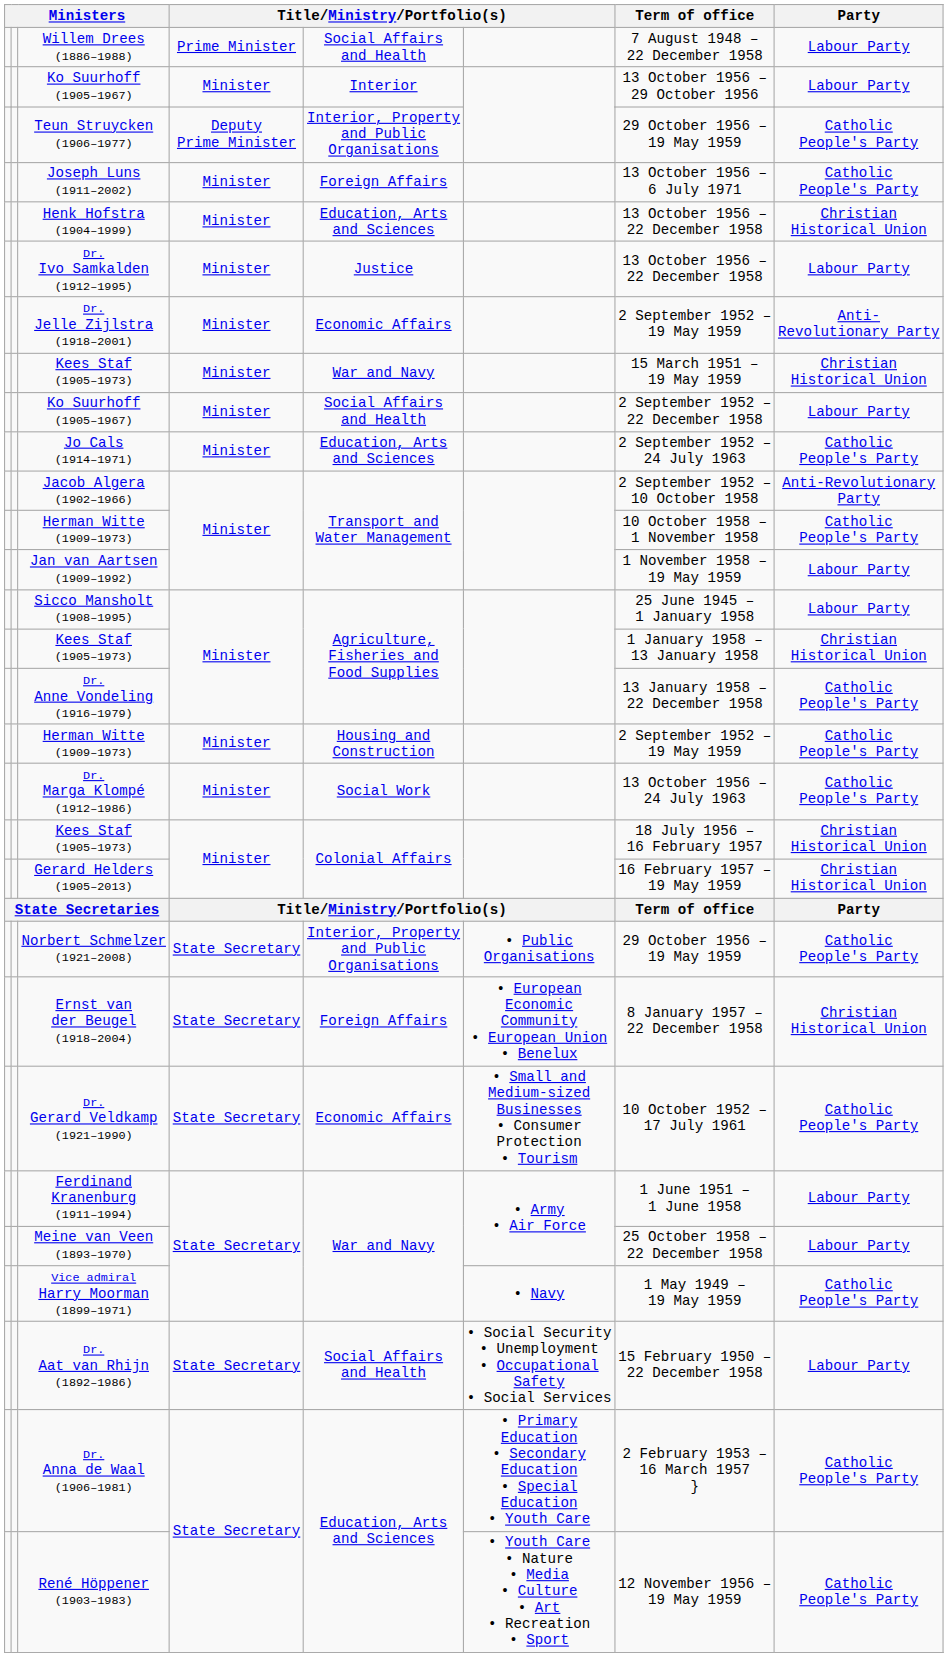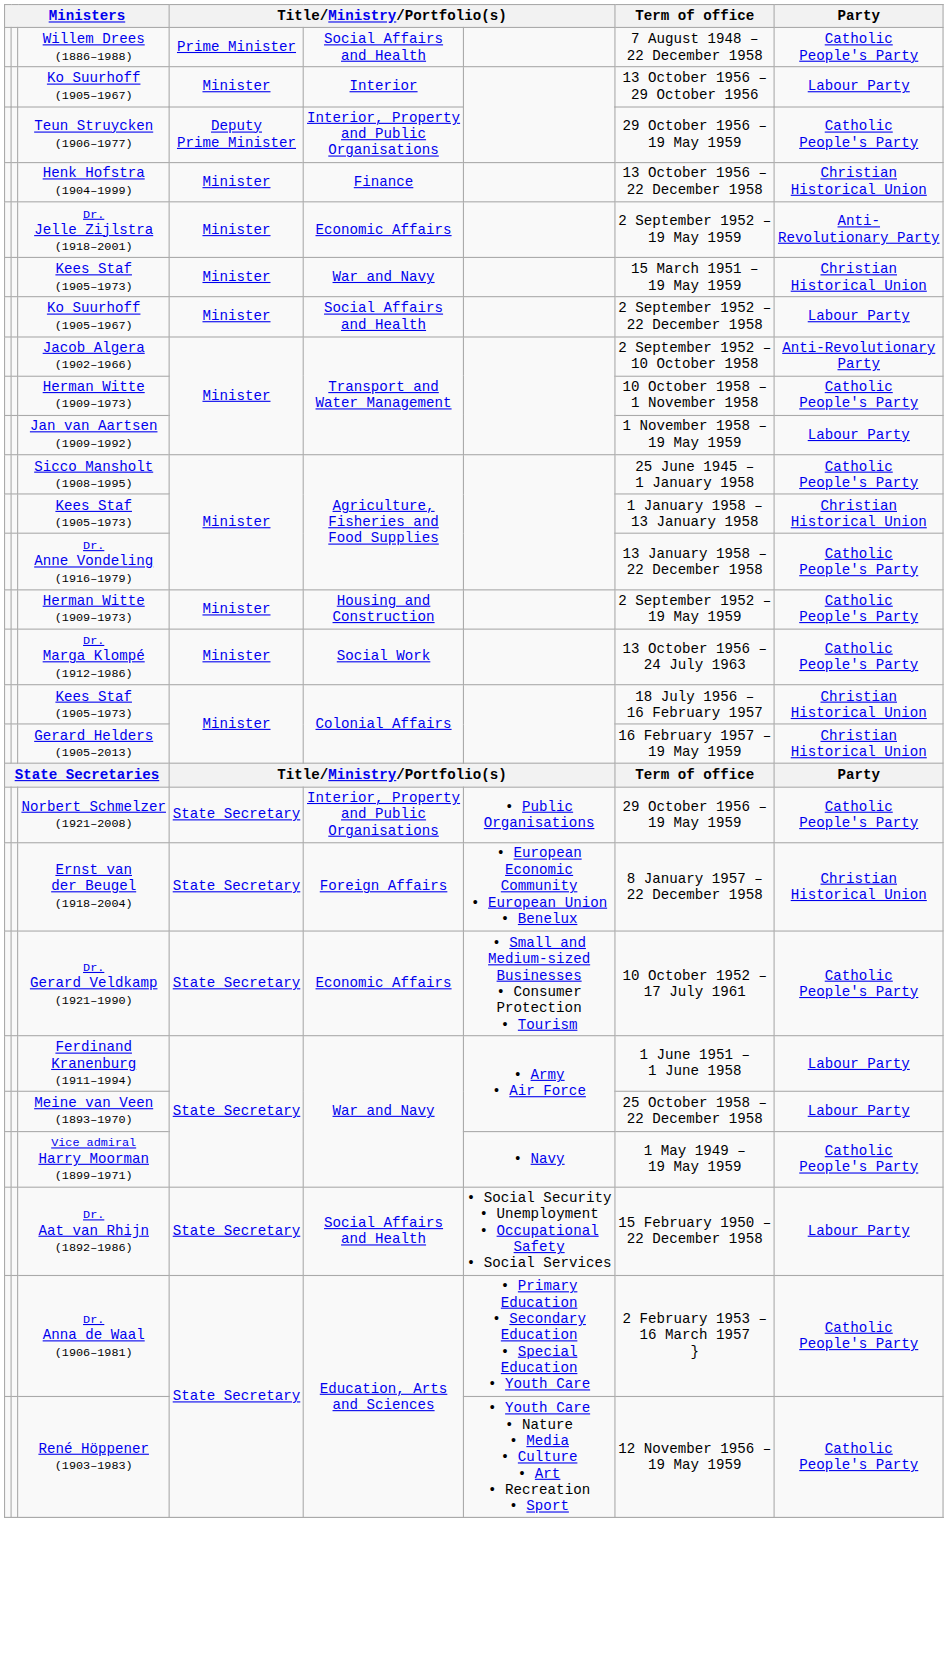 <table class="wikitable" style="text-align:center">
 <tr>
 <th colspan=3><a href='#'>Ministers</a></th>
 <th colspan=3>Title/<a href='#'>Ministry</a>/Portfolio(s)</th>
 <th>Term of office</th>
 <th>Party</th>
 </tr>
 <tr>
 <td style="background:"></td>
 <td></td>
 <td><a href='#'>Willem Drees</a> <br> <small>(1886–1988)</small></td>
 <td><a href='#'>Prime Minister</a></td>
 <td><a href='#'>Social Affairs</a> <br> <a href='#'>and Health</a></td>
 <td></td>
 <td>7 August 1948 – <br> 22 December 1958 <br> </td>
-<td><a href='#'>Labour Party</a></td>
+<td><a href='#'>Catholic <br> People's Party</a></td>
 </tr>
 <tr>
 <td style="background:"></td>
 <td></td>
 <td><a href='#'>Ko Suurhoff</a> <br> <small>(1905–1967)</small></td>
 <td rowspan=2><a href='#'>Minister</a></td>
 <td><a href='#'>Interior</a></td>
 <td rowspan=3></td>
 <td>13 October 1956 – <br> 29 October 1956 <br> </td>
 <td><a href='#'>Labour Party</a></td>
 </tr>
 <tr>
 <td rowspan=2 style="background:"></td>
 <td rowspan=2></td>
 <td rowspan=2><a href='#'>Teun Struycken</a> <br> <small>(1906–1977)</small></td>
 <td rowspan=2><a href='#'>Interior, Property <br> and Public <br> Organisations</a></td>
 <td rowspan=2>29 October 1956 – <br> 19 May 1959 <br> </td>
 <td rowspan=2><a href='#'>Catholic <br> People's Party</a></td>
 </tr>
 <tr>
 <td><a href='#'>Deputy <br> Prime Minister</a></td>
 </tr>
 <tr>
 <td style="background:"></td>
 <td></td>
-<td><a href='#'>Joseph Luns</a> <br> <small>(1911–2002)</small></td>
-<td><a href='#'>Minister</a></td>
-<td><a href='#'>Foreign Affairs</a></td>
-<td></td>
-<td>13 October 1956 – <br> 6 July 1971 <br> </td>
-<td><a href='#'>Catholic <br> People's Party</a></td>
-</tr>
-<tr>
-<td style="background:"></td>
-<td></td>
 <td><a href='#'>Henk Hofstra</a> <br> <small>(1904–1999)</small></td>
 <td><a href='#'>Minister</a></td>
-<td><a href='#'>Education, Arts <br> and Sciences</a></td>
+<td><a href='#'>Finance</a></td>
 <td></td>
 <td>13 October 1956 – <br> 22 December 1958</td>
 <td><a href='#'>Christian <br> Historical Union</a></td>
-</tr>
-<tr>
-<td style="background:"></td>
-<td></td>
-<td><small><a href='#'>Dr.</a></small> <br> <a href='#'>Ivo Samkalden</a> <br> <small>(1912–1995)</small></td>
-<td><a href='#'>Minister</a></td>
-<td><a href='#'>Justice</a></td>
-<td></td>
-<td>13 October 1956 – <br> 22 December 1958</td>
-<td><a href='#'>Labour Party</a></td>
 </tr>
 <tr>
 <td style="background:"></td>
 <td></td>
 <td><small><a href='#'>Dr.</a></small> <br> <a href='#'>Jelle Zijlstra</a> <br> <small>(1918–2001)</small></td>
 <td><a href='#'>Minister</a></td>
 <td><a href='#'>Economic Affairs</a></td>
 <td></td>
 <td>2 September 1952 – <br> 19 May 1959 <br>  </td>
 <td><a href='#'>Anti-<br>Revolutionary Party</a></td>
 </tr>
 <tr>
 <td style="background:"></td>
 <td></td>
 <td><a href='#'>Kees Staf</a> <br> <small>(1905–1973)</small></td>
 <td><a href='#'>Minister</a></td>
 <td><a href='#'>War and Navy</a></td>
 <td></td>
 <td>15 March 1951 – <br> 19 May 1959 <br>  </td>
 <td><a href='#'>Christian <br> Historical Union</a></td>
 </tr>
 <tr>
 <td style="background:"></td>
 <td></td>
 <td><a href='#'>Ko Suurhoff</a> <br> <small>(1905–1967)</small></td>
 <td><a href='#'>Minister</a></td>
 <td><a href='#'>Social Affairs</a> <br> <a href='#'>and Health</a></td>
 <td></td>
 <td>2 September 1952 – <br> 22 December 1958 <br> </td>
 <td><a href='#'>Labour Party</a></td>
 </tr>
 <tr>
 <td style="background:"></td>
 <td></td>
-<td><a href='#'>Jo Cals</a> <br> <small>(1914–1971)</small></td>
-<td><a href='#'>Minister</a></td>
-<td><a href='#'>Education, Arts <br> and Sciences</a></td>
-<td></td>
-<td>2 September 1952 – <br> 24 July 1963 <br>  </td>
-<td><a href='#'>Catholic <br> People's Party</a></td>
-</tr>
-<tr>
-<td style="background:"></td>
-<td></td>
 <td><a href='#'>Jacob Algera</a> <br> <small>(1902–1966)</small></td>
 <td rowspan=3><a href='#'>Minister</a></td>
 <td rowspan=3><a href='#'>Transport and <br> Water Management</a></td>
 <td rowspan=3></td>
 <td>2 September 1952 – <br> 10 October 1958 <br>  </td>
 <td><a href='#'>Anti-Revolutionary <br> Party</a></td>
 </tr>
 <tr>
 <td style="background:"></td>
 <td></td>
 <td><a href='#'>Herman Witte</a> <br> <small>(1909–1973)</small></td>
 <td>10 October 1958 – <br> 1 November 1958 <br> </td>
 <td><a href='#'>Catholic <br> People's Party</a></td>
 </tr>
 <tr>
 <td style="background:"></td>
 <td></td>
 <td><a href='#'>Jan van Aartsen</a> <br> <small>(1909–1992)</small></td>
 <td>1 November 1958 – <br> 19 May 1959 <br> </td>
 <td><a href='#'>Labour Party</a></td>
 </tr>
 <tr>
 <td style="background:"></td>
 <td></td>
 <td><a href='#'>Sicco Mansholt</a> <br> <small>(1908–1995)</small></td>
 <td rowspan=3><a href='#'>Minister</a></td>
 <td rowspan=3><a href='#'>Agriculture, <br> Fisheries and <br> Food Supplies</a></td>
 <td rowspan=3></td>
 <td>25 June 1945 – <br> 1 January 1958 <br>  </td>
-<td><a href='#'>Labour Party</a></td>
+<td><a href='#'>Catholic <br> People's Party</a></td>
 </tr>
 <tr>
 <td style="background:"></td>
 <td></td>
 <td><a href='#'>Kees Staf</a> <br> <small>(1905–1973)</small></td>
 <td>1 January 1958 – <br> 13 January 1958 <br> </td>
 <td><a href='#'>Christian <br> Historical Union</a></td>
 </tr>
 <tr>
 <td style="background:"></td>
 <td></td>
 <td><small><a href='#'>Dr.</a></small> <br> <a href='#'>Anne Vondeling</a> <br> <small>(1916–1979)</small></td>
 <td>13 January 1958 – <br> 22 December 1958</td>
 <td><a href='#'>Catholic <br> People's Party</a></td>
 </tr>
 <tr>
 <td style="background:"></td>
 <td></td>
 <td><a href='#'>Herman Witte</a> <br> <small>(1909–1973)</small></td>
 <td><a href='#'>Minister</a></td>
 <td><a href='#'>Housing and <br> Construction</a></td>
 <td></td>
 <td>2 September 1952 – <br> 19 May 1959 <br>  </td>
 <td><a href='#'>Catholic <br> People's Party</a></td>
 </tr>
 <tr>
 <td style="background:"></td>
 <td></td>
 <td><small><a href='#'>Dr.</a></small> <br> <a href='#'>Marga Klompé</a> <br> <small>(1912–1986)</small></td>
 <td><a href='#'>Minister</a></td>
 <td><a href='#'>Social Work</a></td>
 <td></td>
 <td>13 October 1956 – <br> 24 July 1963 <br> </td>
 <td><a href='#'>Catholic <br> People's Party</a></td>
 </tr>
 <tr>
 <td style="background:"></td>
 <td></td>
 <td><a href='#'>Kees Staf</a> <br> <small>(1905–1973)</small></td>
 <td rowspan=2><a href='#'>Minister</a></td>
 <td rowspan=2><a href='#'>Colonial Affairs</a></td>
 <td rowspan=2></td>
 <td>18 July 1956 – <br> 16 February 1957 <br>  </td>
 <td><a href='#'>Christian <br> Historical Union</a></td>
 </tr>
 <tr>
 <td style="background:"></td>
 <td></td>
 <td><a href='#'>Gerard Helders</a> <br> <small>(1905–2013)</small></td>
 <td>16 February 1957 – <br> 19 May 1959 <br> </td>
 <td><a href='#'>Christian <br> Historical Union</a></td>
 </tr>
 <tr>
 <th colspan=3><a href='#'>State Secretaries</a></th>
 <th colspan=3>Title/<a href='#'>Ministry</a>/Portfolio(s)</th>
 <th>Term of office</th>
 <th>Party</th>
 </tr>
 <tr>
 <td style="background:"></td>
 <td></td>
 <td><a href='#'>Norbert Schmelzer</a> <br> <small>(1921–2008)</small></td>
 <td><a href='#'>State Secretary</a></td>
 <td><a href='#'>Interior, Property <br> and Public <br> Organisations</a></td>
 <td>• <a href='#'>Public <br> Organisations</a></td>
 <td>29 October 1956 – <br> 19 May 1959 <br> </td>
 <td><a href='#'>Catholic <br> People's Party</a></td>
 </tr>
 <tr>
 <td style="background:"></td>
 <td></td>
 <td><a href='#'>Ernst van <br> der Beugel</a> <br> <small>(1918–2004)</small></td>
 <td><a href='#'>State Secretary</a></td>
 <td><a href='#'>Foreign Affairs</a></td>
 <td>• <a href='#'>European <br> Economic <br> Community</a> <br> • <a href='#'>European Union</a> <br> • <a href='#'>Benelux</a></td>
 <td>8 January 1957 – <br> 22 December 1958</td>
 <td><a href='#'>Christian <br> Historical Union</a></td>
 </tr>
 <tr>
 <td style="background:"></td>
 <td></td>
 <td><small><a href='#'>Dr.</a></small> <br> <a href='#'>Gerard Veldkamp</a> <br> <small>(1921–1990)</small></td>
 <td><a href='#'>State Secretary</a></td>
 <td><a href='#'>Economic Affairs</a></td>
 <td>• <a href='#'>Small and <br> Medium-sized <br> Businesses</a> <br> • Consumer <br> Protection <br> • <a href='#'>Tourism</a></td>
 <td>10 October 1952 – <br> 17 July 1961 <br>  </td>
 <td><a href='#'>Catholic <br> People's Party</a></td>
 </tr>
 <tr>
 <td style="background:"></td>
 <td></td>
 <td><a href='#'>Ferdinand <br> Kranenburg</a> <br> <small>(1911–1994)</small></td>
 <td rowspan=3><a href='#'>State Secretary</a></td>
 <td rowspan=3><a href='#'>War and Navy</a></td>
 <td rowspan=2>• <a href='#'>Army</a> <br> • <a href='#'>Air Force</a></td>
 <td>1 June 1951 – <br> 1 June 1958 <br>  </td>
 <td><a href='#'>Labour Party</a></td>
 </tr>
 <tr>
 <td style="background:"></td>
 <td></td>
 <td><a href='#'>Meine van Veen</a> <br> <small>(1893–1970)</small></td>
 <td>25 October 1958 – <br> 22 December 1958</td>
 <td><a href='#'>Labour Party</a></td>
 </tr>
 <tr>
 <td style="background:"></td>
 <td></td>
 <td><small><a href='#'>Vice admiral</a></small> <br> <a href='#'>Harry Moorman</a> <br> <small>(1899–1971)</small></td>
 <td>• <a href='#'>Navy</a></td>
 <td>1 May 1949 – <br> 19 May 1959 <br>  </td>
 <td><a href='#'>Catholic <br> People's Party</a></td>
 </tr>
 <tr>
 <td style="background:"></td>
 <td></td>
 <td><small><a href='#'>Dr.</a></small> <br> <a href='#'>Aat van Rhijn</a> <br> <small>(1892–1986)</small></td>
 <td><a href='#'>State Secretary</a></td>
 <td><a href='#'>Social Affairs</a> <br> <a href='#'>and Health</a></td>
 <td>• Social Security <br> • Unemployment <br> • <a href='#'>Occupational <br> Safety</a> <br> • Social Services</td>
 <td>15 February 1950 – <br> 22 December 1958 <br> </td>
 <td><a href='#'>Labour Party</a></td>
 </tr>
 <tr>
 <td style="background:"></td>
 <td></td>
 <td><small><a href='#'>Dr.</a></small> <br> <a href='#'>Anna de Waal</a> <br> <small>(1906–1981)</small></td>
 <td rowspan=2><a href='#'>State Secretary</a></td>
 <td rowspan=2><a href='#'>Education, Arts <br> and Sciences</a></td>
 <td>• <a href='#'>Primary <br> Education</a> <br> • <a href='#'>Secondary <br> Education</a> <br> • <a href='#'>Special <br> Education</a> <br> • <a href='#'>Youth Care</a></td>
 <td>2 February 1953 – <br> 16 March 1957 <br>  }</td>
 <td><a href='#'>Catholic <br> People's Party</a></td>
 </tr>
 <tr>
 <td style="background:"></td>
 <td></td>
 <td><a href='#'>René Höppener</a> <br> <small>(1903–1983)</small></td>
 <td>• <a href='#'>Youth Care</a> <br> • Nature <br> • <a href='#'>Media</a> <br> • <a href='#'>Culture</a> <br> • <a href='#'>Art</a> <br> • Recreation <br> • <a href='#'>Sport</a></td>
 <td>12 November 1956 – <br> 19 May 1959 <br> </td>
 <td><a href='#'>Catholic <br> People's Party</a></td>
 </tr>
 <tr>
 </tr>
 </table>
